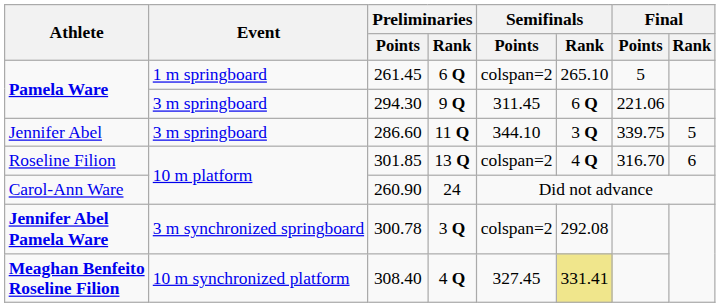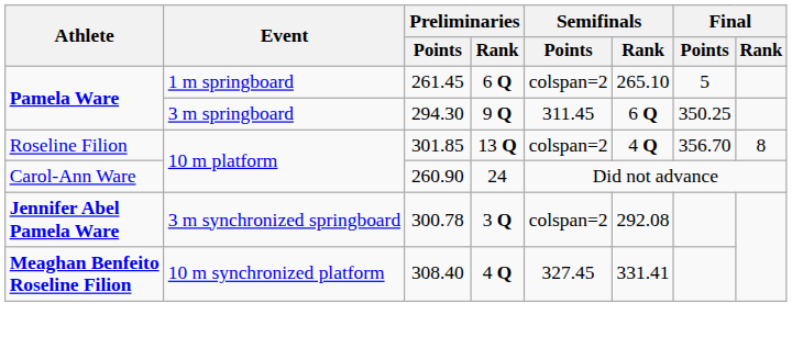 <table class=wikitable style="font-size:90%;">
 <tr>
 <th rowspan="2">Athlete</th>
 <th rowspan="2">Event</th>
 <th colspan="2">Preliminaries</th>
 <th colspan="2">Semifinals</th>
 <th colspan="2">Final</th>
 </tr>
 <tr style="font-size:95%">
 <th>Points</th>
 <th>Rank</th>
 <th>Points</th>
 <th>Rank</th>
 <th>Points</th>
 <th>Rank</th>
 </tr>
 <tr align=center>
 <td align=left rowspan=2><strong><a href='#'>Pamela Ware</a></strong></td>
 <td align=left><a href='#'>1 m springboard</a></td>
 <td>261.45</td>
 <td>6 <strong>Q</strong></td>
 <td>colspan=2 </td>
 <td>265.10</td>
 <td>5</td>
 </tr>
 <tr align=center>
 <td align=left><a href='#'>3 m springboard</a></td>
 <td>294.30</td>
 <td>9 <strong>Q</strong></td>
 <td>311.45</td>
 <td>6 <strong>Q</strong></td>
-<td>221.06</td>
+<td>350.25</td>
 <td></td>
-</tr>
-<tr align=center>
-<td align=left><a href='#'>Jennifer Abel</a></td>
-<td align=left><a href='#'>3 m springboard</a></td>
-<td>286.60</td>
-<td>11 <strong>Q</strong></td>
-<td>344.10</td>
-<td>3 <strong>Q</strong></td>
-<td>339.75</td>
-<td>5</td>
 </tr>
 <tr align=center>
 <td align=left><a href='#'>Roseline Filion</a></td>
 <td align=left rowspan=2><a href='#'>10 m platform</a></td>
 <td>301.85</td>
 <td>13 <strong>Q</strong></td>
 <td>colspan=2 </td>
 <td>4 <strong>Q</strong></td>
-<td>316.70</td>
-<td>6</td>
+<td>356.70</td>
+<td>8</td>
 </tr>
 <tr align=center>
 <td align=left><a href='#'>Carol-Ann Ware</a></td>
 <td>260.90</td>
 <td>24</td>
 <td colspan=4>Did not advance</td>
 </tr>
 <tr align=center>
 <td align=left><strong><a href='#'>Jennifer Abel</a><br><a href='#'>Pamela Ware</a></strong></td>
 <td align=left><a href='#'>3 m synchronized springboard</a></td>
 <td>300.78</td>
 <td>3 <strong>Q</strong></td>
 <td>colspan=2 </td>
 <td>292.08</td>
 <td></td>
 </tr>
 <tr align=center>
 <td align=left><strong><a href='#'>Meaghan Benfeito</a><br><a href='#'>Roseline Filion</a></strong></td>
 <td align=left><a href='#'>10 m synchronized platform</a></td>
 <td>308.40</td>
 <td>4 <strong>Q</strong></td>
 <td>327.45</td>
-<td style="background: khaki;">331.41</td>
+<td>331.41</td>
 <td></td>
 </tr>
 </table>
